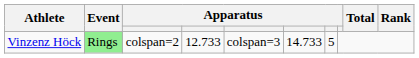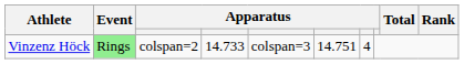 <table class="wikitable" style="font-size:90%">
 <tr>
 <th rowspan=2>Athlete</th>
 <th rowspan=2>Event</th>
 <th colspan=6>Apparatus</th>
 <th rowspan=2>Total</th>
 <th rowspan=2>Rank</th>
 </tr>
 <tr style="font-size:95%">
 <th></th>
 <th></th>
 <th></th>
 <th></th>
 <th></th>
 <th></th>
 </tr>
 <tr align=center>
 <td align=left><a href='#'>Vinzenz Höck</a></td>
 <td align=left style="background: lightgreen;">Rings</td>
 <td>colspan=2</td>
-<td>12.733</td>
+<td>14.733</td>
 <td>colspan=3</td>
-<td>14.733</td>
-<td>5</td>
+<td>14.751</td>
+<td>4</td>
 </tr>
 </table>
